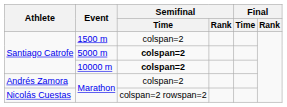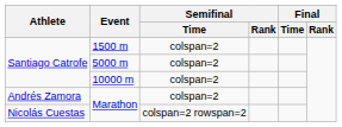 <table class=wikitable style=font-size:90%;text-align:center>
 <tr>
 <th rowspan=2>Athlete</th>
 <th rowspan=2>Event</th>
 <th colspan=2>Semifinal</th>
 <th colspan=2>Final</th>
 </tr>
 <tr style=font-size:95%>
 <th>Time</th>
 <th>Rank</th>
 <th>Time</th>
 <th>Rank</th>
 </tr>
 <tr>
 <td align=left rowspan=3><a href='#'>Santiago Catrofe</a></td>
 <td align=left><a href='#'>1500 m</a></td>
 <td>colspan=2 </td>
 <td></td>
 <td></td>
 </tr>
 <tr>
 <td align=left><a href='#'>5000 m</a></td>
-<td><strong>colspan=2 </strong></td>
+<td>colspan=2 </td>
 <td></td>
 <td></td>
 </tr>
 <tr>
 <td align=left><a href='#'>10000 m</a></td>
-<td><strong>colspan=2 </strong></td>
+<td>colspan=2 </td>
 <td></td>
 <td></td>
 </tr>
 <tr>
 <td align=left><a href='#'>Andrés Zamora</a></td>
 <td align=left rowspan=2><a href='#'>Marathon</a></td>
 <td>colspan=2 </td>
 <td></td>
 <td></td>
 </tr>
 <tr>
 <td align=left><a href='#'>Nicolás Cuestas</a></td>
 <td>colspan=2 rowspan=2 </td>
 <td></td>
 <td></td>
 </tr>
 </table>
